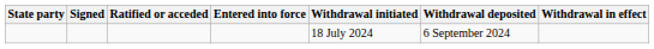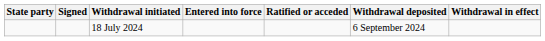 <table class="wikitable sortable">
 <tr>
 <th>State party</th>
 <th>Signed</th>
+<th>Withdrawal initiated</th>
+<th>Entered into force</th>
 <th>Ratified or acceded</th>
-<th>Entered into force</th>
-<th>Withdrawal initiated</th>
 <th>Withdrawal deposited</th>
 <th>Withdrawal in effect</th>
 </tr>
 <tr>
 <td></td>
 <td></td>
+<td>18 July 2024</td>
 <td></td>
 <td></td>
-<td>18 July 2024</td>
 <td>6 September 2024</td>
 <td></td>
 </tr>
 </table>
